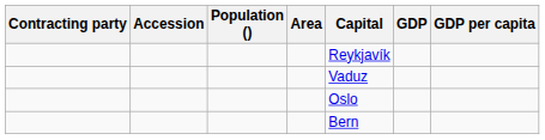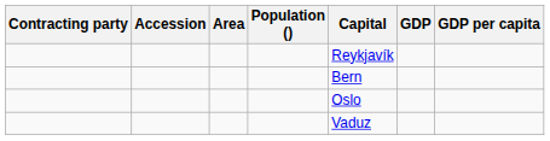 <table class="wikitable sortable">
 <tr>
 <th>Contracting party</th>
 <th>Accession</th>
+<th>Area </th>
 <th>Population<br>()</th>
-<th>Area </th>
 <th>Capital</th>
 <th>GDP </th>
 <th>GDP per capita </th>
 </tr>
 <tr>
 <td></td>
 <td></td>
 <td></td>
 <td></td>
 <td><a href='#'>Reykjavík</a></td>
 <td></td>
 <td></td>
 </tr>
 <tr>
 <td></td>
 <td></td>
 <td></td>
 <td></td>
-<td><a href='#'>Vaduz</a></td>
+<td><a href='#'>Bern</a></td>
 <td></td>
 <td></td>
 </tr>
 <tr>
 <td></td>
 <td></td>
 <td></td>
 <td></td>
 <td><a href='#'>Oslo</a></td>
 <td></td>
 <td></td>
 </tr>
 <tr>
 <td></td>
 <td></td>
 <td></td>
 <td></td>
-<td><a href='#'>Bern</a></td>
+<td><a href='#'>Vaduz</a></td>
 <td></td>
 <td></td>
 </tr>
 </table>
